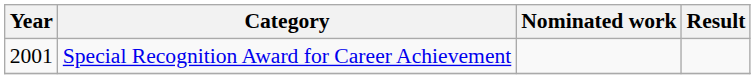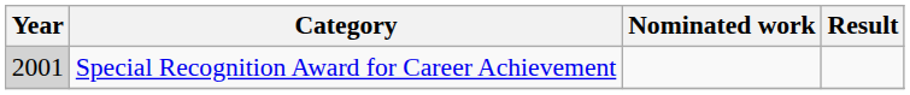 <table class="wikitable sortable">
 <tr>
 <th>Year</th>
 <th>Category</th>
 <th>Nominated work</th>
 <th>Result</th>
 </tr>
 <tr>
-<td>2001</td>
+<td style="background: lightgrey;">2001</td>
 <td><a href='#'>Special Recognition Award for Career Achievement</a></td>
 <td></td>
 <td></td>
 </tr>
 <tr>
 </tr>
 </table>
